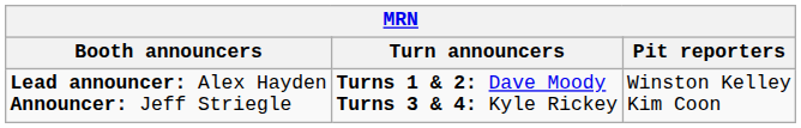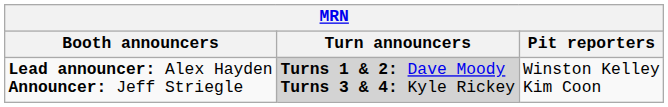 <table class="wikitable" style="font-size: 95%">
 <tr>
 <th colspan="3"><a href='#'>MRN</a></th>
 </tr>
 <tr>
 <th>Booth announcers</th>
 <th>Turn announcers</th>
 <th>Pit reporters</th>
 </tr>
 <tr>
 <td><strong>Lead announcer:</strong> Alex Hayden<br><strong>Announcer:</strong> Jeff Striegle</td>
-<td><strong>Turns 1 & 2: </strong><a href='#'>Dave Moody</a><br><strong>Turns 3 & 4: </strong>Kyle Rickey</td>
+<td style="background: lightgrey;"><strong>Turns 1 & 2: </strong><a href='#'>Dave Moody</a><br><strong>Turns 3 & 4: </strong>Kyle Rickey</td>
 <td>Winston Kelley<br>Kim Coon</td>
 </tr>
 </table>
